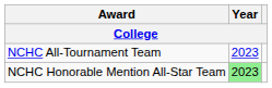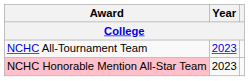 <table class="wikitable">
 <tr>
 <th>Award</th>
 <th>Year</th>
 <th></th>
 </tr>
 <tr ALIGN="center" bgcolor="#e0e0e0">
 <th colspan="3"><a href='#'>College</a></th>
 </tr>
 <tr>
 <td><a href='#'>NCHC</a> All-Tournament Team</td>
 <td><a href='#'>2023</a></td>
 <td></td>
 </tr>
 <tr>
-<td>NCHC Honorable Mention All-Star Team</td>
-<td style="background: lightgreen;">2023</td>
+<td style="background: pink;">NCHC Honorable Mention All-Star Team</td>
+<td>2023</td>
 <td></td>
 </tr>
 </table>
